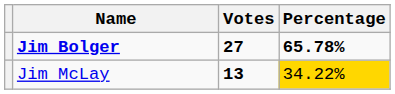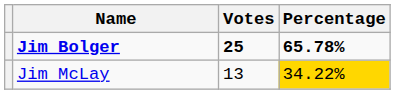 <table class="wikitable">
 <tr>
 <th></th>
 <th>Name</th>
 <th>Votes</th>
 <th>Percentage</th>
 </tr>
 <tr>
 <th style="background-color: "></th>
 <td width="150"><strong><a href='#'>Jim Bolger</a></strong></td>
-<td><strong>27</strong></td>
+<td><strong>25</strong></td>
 <td><strong>65.78%</strong></td>
 </tr>
 <tr>
 <th style="background-color: "></th>
 <td><a href='#'>Jim McLay</a></td>
-<td><strong>13</strong></td>
+<td>13</td>
 <td style="background: gold;">34.22%</td>
 </tr>
 </table>
